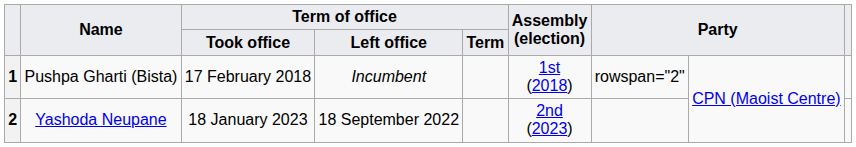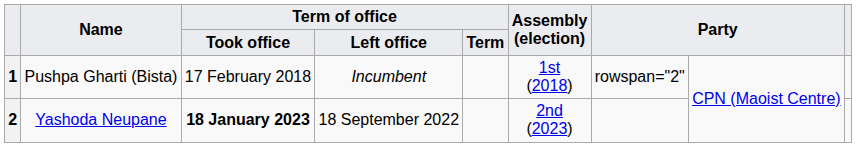 <table class=wikitable style="text-align:center">
 <tr>
 <th colspan="1" rowspan="2" style="background-color:#EAECF0;"></th>
 <th colspan="1" rowspan="2" style="background-color:#EAECF0;">Name<br></th>
 <th colspan="3" style="background-color:#EAECF0;">Term of office</th>
 <th colspan="1" rowspan="2" style="background-color:#EAECF0;">Assembly<br>(election)</th>
 <th colspan="2" rowspan="2" style="background-color:#EAECF0;">Party</th>
 <th rowspan="2" style="background-color:#EAECF0;"></th>
 </tr>
 <tr>
 <th style="background-color:#EAECF0;">Took office</th>
 <th style="background-color:#EAECF0;">Left office</th>
 <th style="background-color:#EAECF0;">Term</th>
 </tr>
 <tr>
 <th>1</th>
 <td>Pushpa Gharti (Bista)<br></td>
 <td>17 February 2018</td>
 <td><em>Incumbent</em></td>
 <td></td>
 <td><a href='#'>1st</a><br>(<a href='#'>2018</a>)</td>
 <td>rowspan="2" </td>
 <td rowspan="2"><a href='#'>CPN (Maoist Centre)</a></td>
 <td></td>
 </tr>
 <tr>
 <th>2</th>
 <td><a href='#'>Yashoda Neupane</a><br></td>
-<td>18 January 2023</td>
+<td><strong>18 January 2023</strong></td>
 <td>18 September 2022</td>
 <td></td>
 <td><a href='#'>2nd</a><br>(<a href='#'>2023</a>)</td>
 <td></td>
 </tr>
 </table>
